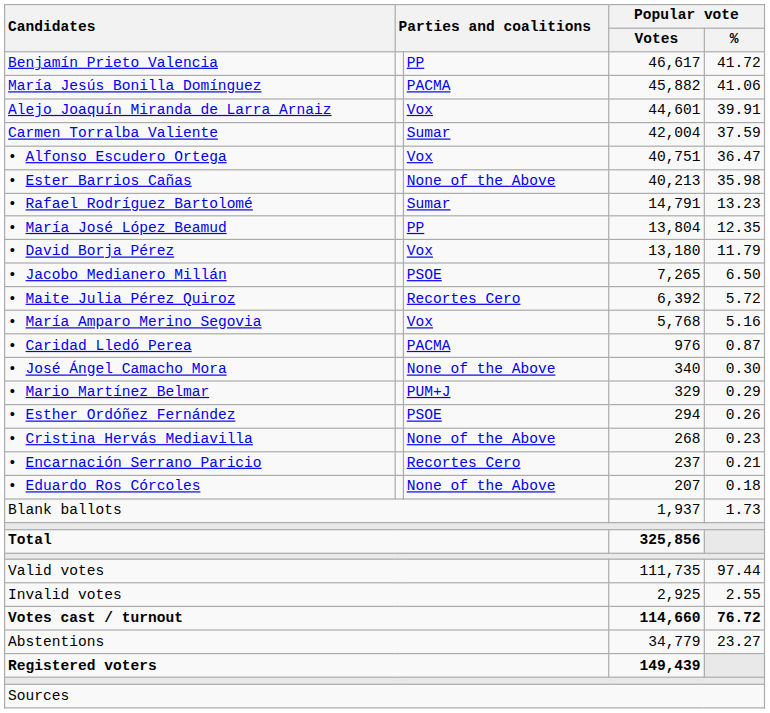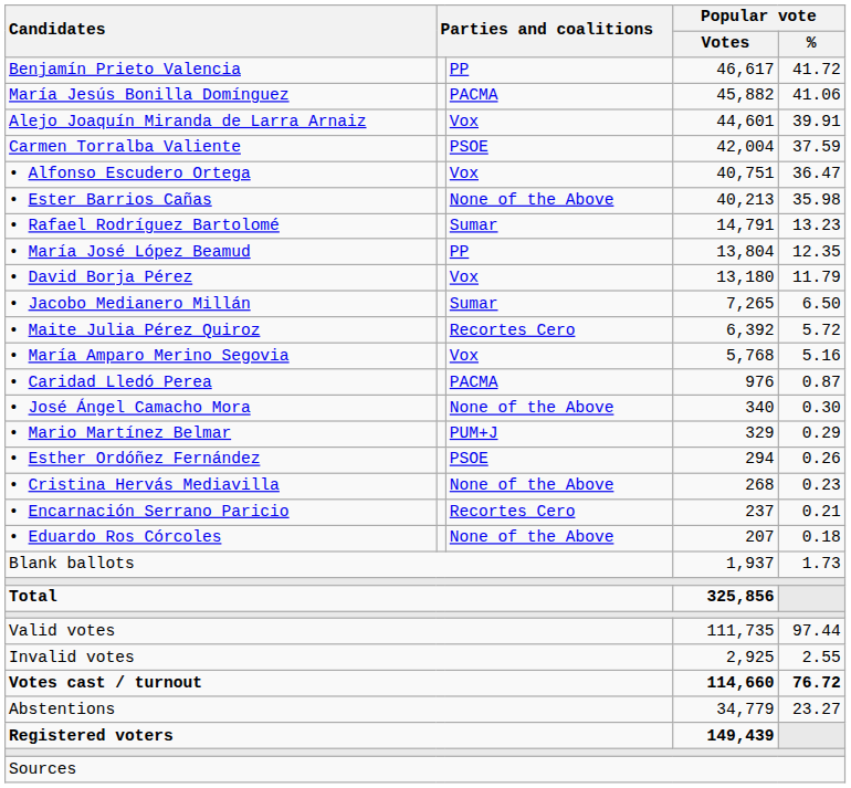 <table class="wikitable" style="text-align:right; font-size:95%;">
 <tr>
 <th style="text-align:left;" rowspan="2" width="325">Candidates</th>
 <th style="text-align:left;" rowspan="2" colspan="2" width="175">Parties and coalitions</th>
 <th colspan="2">Popular vote</th>
 </tr>
 <tr>
 <th width="75">Votes</th>
 <th width="45">%</th>
 </tr>
 <tr>
 <td align="left"> <a href='#'>Benjamín Prieto Valencia</a></td>
 <td width="1" style="color:inherit;background:"></td>
 <td align="left"><a href='#'>PP</a></td>
 <td>46,617</td>
 <td>41.72</td>
 </tr>
 <tr>
 <td align="left"> <a href='#'>María Jesús Bonilla Domínguez</a></td>
 <td width="1" style="color:inherit;background:"></td>
 <td align="left"><a href='#'>PACMA</a></td>
 <td>45,882</td>
 <td>41.06</td>
 </tr>
 <tr>
 <td align="left"> <a href='#'>Alejo Joaquín Miranda de Larra Arnaiz</a></td>
 <td width="1" style="color:inherit;background:"></td>
 <td align="left"><a href='#'>Vox</a></td>
 <td>44,601</td>
 <td>39.91</td>
 </tr>
 <tr>
 <td align="left"> <a href='#'>Carmen Torralba Valiente</a></td>
 <td width="1" style="color:inherit;background:"></td>
-<td align="left"><a href='#'>Sumar</a></td>
+<td align="left"><a href='#'>PSOE</a></td>
 <td>42,004</td>
 <td>37.59</td>
 </tr>
 <tr>
 <td align="left">• <a href='#'>Alfonso Escudero Ortega</a></td>
 <td width="1" style="color:inherit;background:"></td>
 <td align="left"><a href='#'>Vox</a></td>
 <td>40,751</td>
 <td>36.47</td>
 </tr>
 <tr>
 <td align="left">• <a href='#'>Ester Barrios Cañas</a></td>
 <td width="1" style="color:inherit;background:"></td>
 <td align="left"><a href='#'>None of the Above</a></td>
 <td>40,213</td>
 <td>35.98</td>
 </tr>
 <tr>
 <td align="left">• <a href='#'>Rafael Rodríguez Bartolomé</a></td>
 <td width="1" style="color:inherit;background:"></td>
 <td align="left"><a href='#'>Sumar</a></td>
 <td>14,791</td>
 <td>13.23</td>
 </tr>
 <tr>
 <td align="left">• <a href='#'>María José López Beamud</a></td>
 <td width="1" style="color:inherit;background:"></td>
 <td align="left"><a href='#'>PP</a></td>
 <td>13,804</td>
 <td>12.35</td>
 </tr>
 <tr>
 <td align="left">• <a href='#'>David Borja Pérez</a></td>
 <td width="1" style="color:inherit;background:"></td>
 <td align="left"><a href='#'>Vox</a></td>
 <td>13,180</td>
 <td>11.79</td>
 </tr>
 <tr>
 <td align="left">• <a href='#'>Jacobo Medianero Millán</a></td>
 <td width="1" style="color:inherit;background:"></td>
-<td align="left"><a href='#'>PSOE</a></td>
+<td align="left"><a href='#'>Sumar</a></td>
 <td>7,265</td>
 <td>6.50</td>
 </tr>
 <tr>
 <td align="left">• <a href='#'>Maite Julia Pérez Quiroz</a></td>
 <td width="1" style="color:inherit;background:"></td>
 <td align="left"><a href='#'>Recortes Cero</a></td>
 <td>6,392</td>
 <td>5.72</td>
 </tr>
 <tr>
 <td align="left">• <a href='#'>María Amparo Merino Segovia</a></td>
 <td width="1" style="color:inherit;background:"></td>
 <td align="left"><a href='#'>Vox</a></td>
 <td>5,768</td>
 <td>5.16</td>
 </tr>
 <tr>
 <td align="left">• <a href='#'>Caridad Lledó Perea</a></td>
 <td width="1" style="color:inherit;background:"></td>
 <td align="left"><a href='#'>PACMA</a></td>
 <td>976</td>
 <td>0.87</td>
 </tr>
 <tr>
 <td align="left">• <a href='#'>José Ángel Camacho Mora</a></td>
 <td width="1" style="color:inherit;background:"></td>
 <td align="left"><a href='#'>None of the Above</a></td>
 <td>340</td>
 <td>0.30</td>
 </tr>
 <tr>
 <td align="left">• <a href='#'>Mario Martínez Belmar</a></td>
 <td width="1" style="color:inherit;background:"></td>
 <td align="left"><a href='#'>PUM+J</a></td>
 <td>329</td>
 <td>0.29</td>
 </tr>
 <tr>
 <td align="left">• <a href='#'>Esther Ordóñez Fernández</a></td>
 <td width="1" style="color:inherit;background:"></td>
 <td align="left"><a href='#'>PSOE</a></td>
 <td>294</td>
 <td>0.26</td>
 </tr>
 <tr>
 <td align="left">• <a href='#'>Cristina Hervás Mediavilla</a></td>
 <td width="1" style="color:inherit;background:"></td>
 <td align="left"><a href='#'>None of the Above</a></td>
 <td>268</td>
 <td>0.23</td>
 </tr>
 <tr>
 <td align="left">• <a href='#'>Encarnación Serrano Paricio</a></td>
 <td width="1" style="color:inherit;background:"></td>
 <td align="left"><a href='#'>Recortes Cero</a></td>
 <td>237</td>
 <td>0.21</td>
 </tr>
 <tr>
 <td align="left">• <a href='#'>Eduardo Ros Córcoles</a></td>
 <td width="1" style="color:inherit;background:"></td>
 <td align="left"><a href='#'>None of the Above</a></td>
 <td>207</td>
 <td>0.18</td>
 </tr>
 <tr>
 <td align="left" colspan="3">Blank ballots</td>
 <td>1,937</td>
 <td>1.73</td>
 </tr>
 <tr>
 <td colspan="5" bgcolor="#E9E9E9"></td>
 </tr>
 <tr style="font-weight:bold;">
 <td align="left" colspan="3">Total</td>
 <td>325,856</td>
 <td bgcolor="#E9E9E9"></td>
 </tr>
 <tr>
 <td colspan="5" bgcolor="#E9E9E9"></td>
 </tr>
 <tr>
 <td align="left" colspan="3">Valid votes</td>
 <td>111,735</td>
 <td>97.44</td>
 </tr>
 <tr>
 <td align="left" colspan="3">Invalid votes</td>
 <td>2,925</td>
 <td>2.55</td>
 </tr>
 <tr style="font-weight:bold;">
 <td align="left" colspan="3">Votes cast / turnout</td>
 <td>114,660</td>
 <td>76.72</td>
 </tr>
 <tr>
 <td align="left" colspan="3">Abstentions</td>
 <td>34,779</td>
 <td>23.27</td>
 </tr>
 <tr style="font-weight:bold;">
 <td align="left" colspan="3">Registered voters</td>
 <td>149,439</td>
 <td bgcolor="#E9E9E9"></td>
 </tr>
 <tr>
 <td colspan="5" bgcolor="#E9E9E9"></td>
 </tr>
 <tr>
 <td align="left" colspan="5">Sources</td>
 </tr>
 </table>
